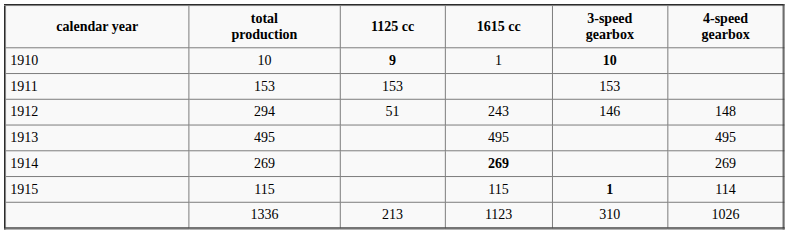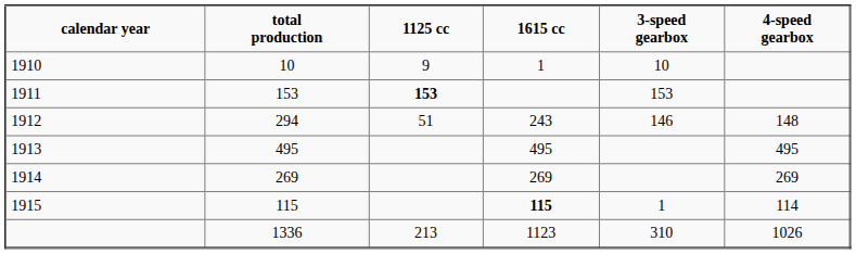 <table border="2" cellpadding="4" cellspacing="0" border=" 1px #aaa solid" style="margin: 1em 1em 1em 0; background: #f9f9f9; border-collapse: collapse; font-size: 85%; width:60%">
 <tr ---->
 <th style="text-align:center;">calendar year</th>
 <th>total<br>production</th>
 <th>1125 cc</th>
 <th>1615 cc</th>
 <th>3-speed<br>gearbox</th>
 <th>4-speed<br>gearbox</th>
 </tr>
 <tr>
 <td>1910</td>
 <td style="text-align:center;">10</td>
-<td style="text-align:center;"><strong>9</strong></td>
+<td style="text-align:center;">9</td>
 <td style="text-align:center;">1</td>
-<td style="text-align:center;"><strong>10</strong></td>
+<td style="text-align:center;">10</td>
 <td></td>
 </tr>
 <tr>
 <td>1911</td>
 <td style="text-align:center;">153</td>
-<td style="text-align:center;">153</td>
+<td style="text-align:center;"><strong>153</strong></td>
 <td></td>
 <td style="text-align:center;">153</td>
 <td></td>
 </tr>
 <tr>
 <td>1912</td>
 <td style="text-align:center;">294</td>
 <td style="text-align:center;">51</td>
 <td style="text-align:center;">243</td>
 <td style="text-align:center;">146</td>
 <td style="text-align:center;">148</td>
 </tr>
 <tr>
 <td>1913</td>
 <td style="text-align:center;">495</td>
 <td></td>
 <td style="text-align:center;">495</td>
 <td></td>
 <td style="text-align:center;">495</td>
 </tr>
 <tr>
 <td>1914</td>
 <td style="text-align:center;">269</td>
 <td></td>
-<td style="text-align:center;"><strong>269</strong></td>
+<td style="text-align:center;">269</td>
 <td></td>
 <td style="text-align:center;">269</td>
 </tr>
 <tr>
 <td>1915</td>
 <td style="text-align:center;">115</td>
 <td></td>
-<td style="text-align:center;">115</td>
-<td style="text-align:center;"><strong>1</strong></td>
+<td style="text-align:center;"><strong>115</strong></td>
+<td style="text-align:center;">1</td>
 <td style="text-align:center;">114</td>
 </tr>
 <tr>
 <td></td>
 <td style="text-align:center;">1336</td>
 <td style="text-align:center;">213</td>
 <td style="text-align:center;">1123</td>
 <td style="text-align:center;">310</td>
 <td style="text-align:center;">1026</td>
 </tr>
 <tr>
 </tr>
 </table>
